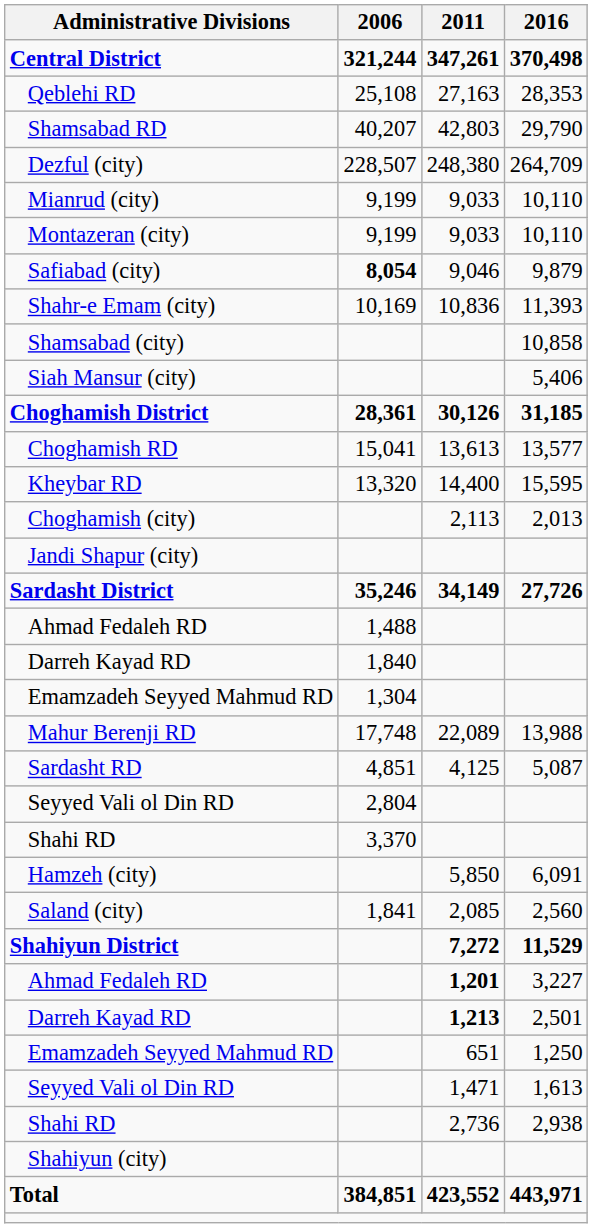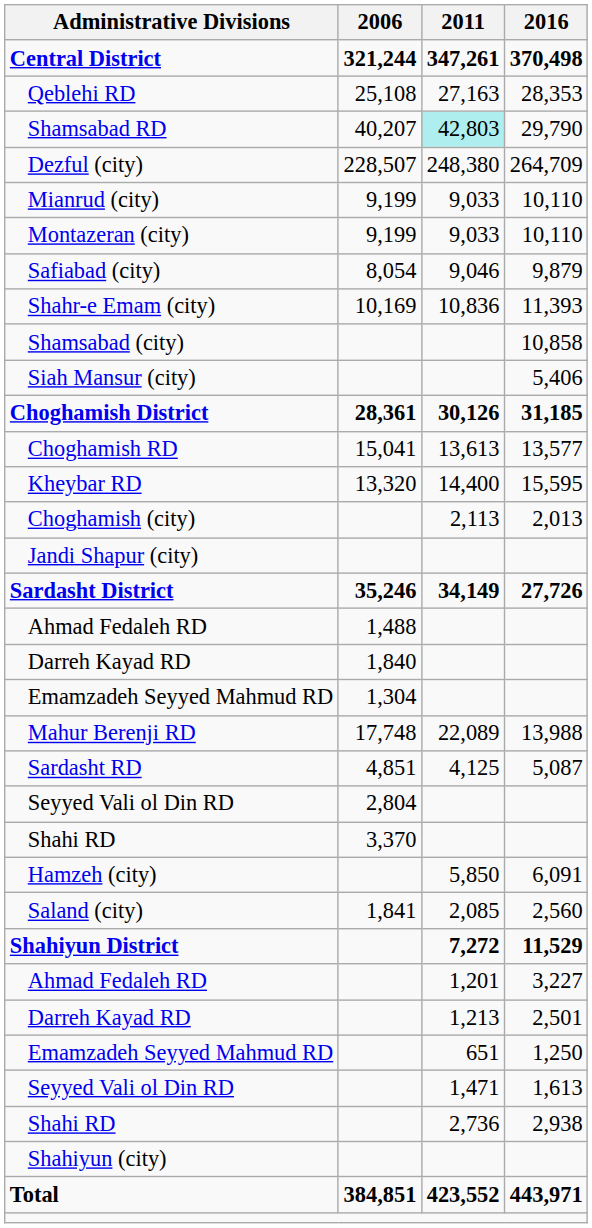 <table class="wikitable">
 <tr>
 <th>Administrative Divisions</th>
 <th>2006</th>
 <th>2011</th>
 <th>2016</th>
 </tr>
 <tr>
 <td><strong><a href='#'>Central District</a></strong></td>
 <td style="text-align: right;"><strong>321,244</strong></td>
 <td style="text-align: right;"><strong>347,261</strong></td>
 <td style="text-align: right;"><strong>370,498</strong></td>
 </tr>
 <tr>
 <td style="padding-left: 1em;"><a href='#'>Qeblehi RD</a></td>
 <td style="text-align: right;">25,108</td>
 <td style="text-align: right;">27,163</td>
 <td style="text-align: right;">28,353</td>
 </tr>
 <tr>
 <td style="padding-left: 1em;"><a href='#'>Shamsabad RD</a></td>
 <td style="text-align: right;">40,207</td>
-<td style="text-align: right;">42,803</td>
+<td style="background: paleturquoise; text-align: right;">42,803</td>
 <td style="text-align: right;">29,790</td>
 </tr>
 <tr>
 <td style="padding-left: 1em;"><a href='#'>Dezful</a> (city)</td>
 <td style="text-align: right;">228,507</td>
 <td style="text-align: right;">248,380</td>
 <td style="text-align: right;">264,709</td>
 </tr>
 <tr>
 <td style="padding-left: 1em;"><a href='#'>Mianrud</a> (city)</td>
 <td style="text-align: right;">9,199</td>
 <td style="text-align: right;">9,033</td>
 <td style="text-align: right;">10,110</td>
 </tr>
 <tr>
 <td style="padding-left: 1em;"><a href='#'>Montazeran</a> (city)</td>
 <td style="text-align: right;">9,199</td>
 <td style="text-align: right;">9,033</td>
 <td style="text-align: right;">10,110</td>
 </tr>
 <tr>
 <td style="padding-left: 1em;"><a href='#'>Safiabad</a> (city)</td>
-<td style="text-align: right;"><strong>8,054</strong></td>
+<td style="text-align: right;">8,054</td>
 <td style="text-align: right;">9,046</td>
 <td style="text-align: right;">9,879</td>
 </tr>
 <tr>
 <td style="padding-left: 1em;"><a href='#'>Shahr-e Emam</a> (city)</td>
 <td style="text-align: right;">10,169</td>
 <td style="text-align: right;">10,836</td>
 <td style="text-align: right;">11,393</td>
 </tr>
 <tr>
 <td style="padding-left: 1em;"><a href='#'>Shamsabad</a> (city)</td>
 <td style="text-align: right;"></td>
 <td style="text-align: right;"></td>
 <td style="text-align: right;">10,858</td>
 </tr>
 <tr>
 <td style="padding-left: 1em;"><a href='#'>Siah Mansur</a> (city)</td>
 <td style="text-align: right;"></td>
 <td style="text-align: right;"></td>
 <td style="text-align: right;">5,406</td>
 </tr>
 <tr>
 <td><strong><a href='#'>Choghamish District</a></strong></td>
 <td style="text-align: right;"><strong>28,361</strong></td>
 <td style="text-align: right;"><strong>30,126</strong></td>
 <td style="text-align: right;"><strong>31,185</strong></td>
 </tr>
 <tr>
 <td style="padding-left: 1em;"><a href='#'>Choghamish RD</a></td>
 <td style="text-align: right;">15,041</td>
 <td style="text-align: right;">13,613</td>
 <td style="text-align: right;">13,577</td>
 </tr>
 <tr>
 <td style="padding-left: 1em;"><a href='#'>Kheybar RD</a></td>
 <td style="text-align: right;">13,320</td>
 <td style="text-align: right;">14,400</td>
 <td style="text-align: right;">15,595</td>
 </tr>
 <tr>
 <td style="padding-left: 1em;"><a href='#'>Choghamish</a> (city)</td>
 <td style="text-align: right;"></td>
 <td style="text-align: right;">2,113</td>
 <td style="text-align: right;">2,013</td>
 </tr>
 <tr>
 <td style="padding-left: 1em;"><a href='#'>Jandi Shapur</a> (city)</td>
 <td style="text-align: right;"></td>
 <td style="text-align: right;"></td>
 <td style="text-align: right;"></td>
 </tr>
 <tr>
 <td><strong><a href='#'>Sardasht District</a></strong></td>
 <td style="text-align: right;"><strong>35,246</strong></td>
 <td style="text-align: right;"><strong>34,149</strong></td>
 <td style="text-align: right;"><strong>27,726</strong></td>
 </tr>
 <tr>
 <td style="padding-left: 1em;">Ahmad Fedaleh RD</td>
 <td style="text-align: right;">1,488</td>
 <td style="text-align: right;"></td>
 <td style="text-align: right;"></td>
 </tr>
 <tr>
 <td style="padding-left: 1em;">Darreh Kayad RD</td>
 <td style="text-align: right;">1,840</td>
 <td style="text-align: right;"></td>
 <td style="text-align: right;"></td>
 </tr>
 <tr>
 <td style="padding-left: 1em;">Emamzadeh Seyyed Mahmud RD</td>
 <td style="text-align: right;">1,304</td>
 <td style="text-align: right;"></td>
 <td style="text-align: right;"></td>
 </tr>
 <tr>
 <td style="padding-left: 1em;"><a href='#'>Mahur Berenji RD</a></td>
 <td style="text-align: right;">17,748</td>
 <td style="text-align: right;">22,089</td>
 <td style="text-align: right;">13,988</td>
 </tr>
 <tr>
 <td style="padding-left: 1em;"><a href='#'>Sardasht RD</a></td>
 <td style="text-align: right;">4,851</td>
 <td style="text-align: right;">4,125</td>
 <td style="text-align: right;">5,087</td>
 </tr>
 <tr>
 <td style="padding-left: 1em;">Seyyed Vali ol Din RD</td>
 <td style="text-align: right;">2,804</td>
 <td style="text-align: right;"></td>
 <td style="text-align: right;"></td>
 </tr>
 <tr>
 <td style="padding-left: 1em;">Shahi RD</td>
 <td style="text-align: right;">3,370</td>
 <td style="text-align: right;"></td>
 <td style="text-align: right;"></td>
 </tr>
 <tr>
 <td style="padding-left: 1em;"><a href='#'>Hamzeh</a> (city)</td>
 <td style="text-align: right;"></td>
 <td style="text-align: right;">5,850</td>
 <td style="text-align: right;">6,091</td>
 </tr>
 <tr>
 <td style="padding-left: 1em;"><a href='#'>Saland</a> (city)</td>
 <td style="text-align: right;">1,841</td>
 <td style="text-align: right;">2,085</td>
 <td style="text-align: right;">2,560</td>
 </tr>
 <tr>
 <td><strong><a href='#'>Shahiyun District</a></strong></td>
 <td style="text-align: right;"></td>
 <td style="text-align: right;"><strong>7,272</strong></td>
 <td style="text-align: right;"><strong>11,529</strong></td>
 </tr>
 <tr>
 <td style="padding-left: 1em;"><a href='#'>Ahmad Fedaleh RD</a></td>
 <td style="text-align: right;"></td>
-<td style="text-align: right;"><strong>1,201</strong></td>
+<td style="text-align: right;">1,201</td>
 <td style="text-align: right;">3,227</td>
 </tr>
 <tr>
 <td style="padding-left: 1em;"><a href='#'>Darreh Kayad RD</a></td>
 <td style="text-align: right;"></td>
-<td style="text-align: right;"><strong>1,213</strong></td>
+<td style="text-align: right;">1,213</td>
 <td style="text-align: right;">2,501</td>
 </tr>
 <tr>
 <td style="padding-left: 1em;"><a href='#'>Emamzadeh Seyyed Mahmud RD</a></td>
 <td style="text-align: right;"></td>
 <td style="text-align: right;">651</td>
 <td style="text-align: right;">1,250</td>
 </tr>
 <tr>
 <td style="padding-left: 1em;"><a href='#'>Seyyed Vali ol Din RD</a></td>
 <td style="text-align: right;"></td>
 <td style="text-align: right;">1,471</td>
 <td style="text-align: right;">1,613</td>
 </tr>
 <tr>
 <td style="padding-left: 1em;"><a href='#'>Shahi RD</a></td>
 <td style="text-align: right;"></td>
 <td style="text-align: right;">2,736</td>
 <td style="text-align: right;">2,938</td>
 </tr>
 <tr>
 <td style="padding-left: 1em;"><a href='#'>Shahiyun</a> (city)</td>
 <td style="text-align: right;"></td>
 <td style="text-align: right;"></td>
 <td style="text-align: right;"></td>
 </tr>
 <tr>
 <td><strong>Total</strong></td>
 <td style="text-align: right;"><strong>384,851</strong></td>
 <td style="text-align: right;"><strong>423,552</strong></td>
 <td style="text-align: right;"><strong>443,971</strong></td>
 </tr>
 <tr>
 <td colspan=4></td>
 </tr>
 </table>
